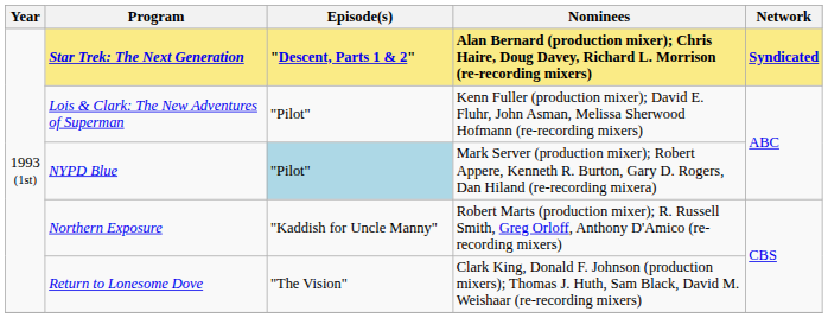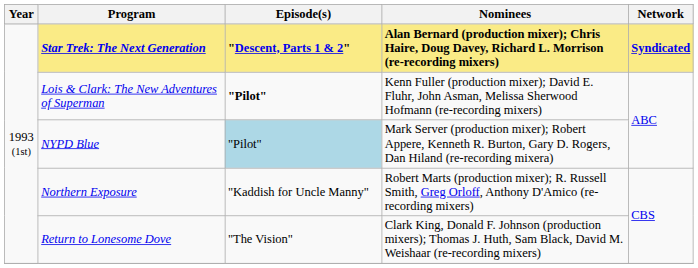 <table class="wikitable" style="width:100%">
 <tr bgcolor="#bebebe">
 <th width="5%">Year</th>
 <th width="30%">Program</th>
 <th width="25%">Episode(s)</th>
 <th width="40%">Nominees</th>
 <th width="5%">Network</th>
 </tr>
 <tr>
 <td rowspan="5" style="text-align:center;">1993<br><small>(1st)</small><br></td>
 <td style="background:#FAEB86;"><strong><em><a href='#'>Star Trek: The Next Generation</a></em></strong></td>
 <td style="background:#FAEB86;"><strong>"<a href='#'>Descent, Parts 1 & 2</a>"</strong></td>
 <td style="background:#FAEB86;"><strong>Alan Bernard (production mixer); Chris Haire, Doug Davey, Richard L. Morrison (re-recording mixers)</strong></td>
 <td style="background:#FAEB86;"><strong><a href='#'>Syndicated</a></strong></td>
 </tr>
 <tr>
 <td><em><a href='#'>Lois & Clark: The New Adventures of Superman</a></em></td>
-<td>"Pilot"</td>
+<td><strong>"Pilot"</strong></td>
 <td>Kenn Fuller (production mixer); David E. Fluhr, John Asman, Melissa Sherwood Hofmann (re-recording mixers)</td>
 <td rowspan="2"><a href='#'>ABC</a></td>
 </tr>
 <tr>
 <td><em><a href='#'>NYPD Blue</a></em></td>
 <td style="background: lightblue;">"Pilot"</td>
 <td>Mark Server (production mixer); Robert Appere, Kenneth R. Burton, Gary D. Rogers, Dan Hiland (re-recording mixera)</td>
 </tr>
 <tr>
 <td><em><a href='#'>Northern Exposure</a></em></td>
 <td>"Kaddish for Uncle Manny"</td>
 <td>Robert Marts (production mixer); R. Russell Smith, <a href='#'>Greg Orloff</a>, Anthony D'Amico (re-recording mixers)</td>
 <td rowspan="2"><a href='#'>CBS</a></td>
 </tr>
 <tr>
 <td><em><a href='#'>Return to Lonesome Dove</a></em></td>
 <td>"The Vision"</td>
 <td>Clark King, Donald F. Johnson (production mixers); Thomas J. Huth, Sam Black, David M. Weishaar (re-recording mixers)</td>
 </tr>
 <tr>
 </tr>
 </table>
